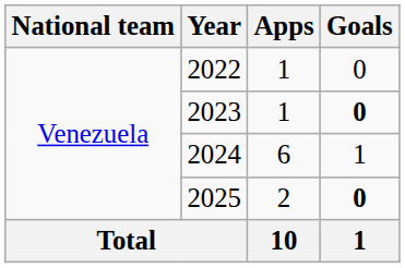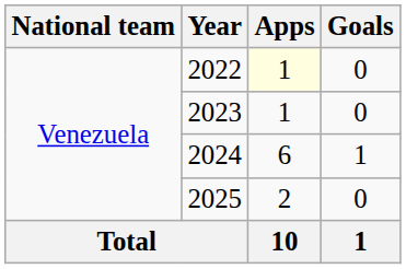 <table class="wikitable" style="text-align:center">
 <tr>
 <th>National team</th>
 <th>Year</th>
 <th>Apps</th>
 <th>Goals</th>
 </tr>
 <tr>
 <td rowspan="4"><a href='#'>Venezuela</a></td>
 <td>2022</td>
-<td>1</td>
+<td style="background: lightyellow;">1</td>
 <td>0</td>
 </tr>
 <tr>
 <td>2023</td>
 <td>1</td>
-<td><strong>0</strong></td>
+<td>0</td>
 </tr>
 <tr>
 <td>2024</td>
 <td>6</td>
 <td>1</td>
 </tr>
 <tr>
 <td>2025</td>
 <td>2</td>
-<td><strong>0</strong></td>
+<td>0</td>
 </tr>
 <tr>
 <th colspan="2">Total</th>
 <th>10</th>
 <th>1</th>
 </tr>
 </table>
